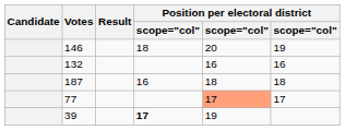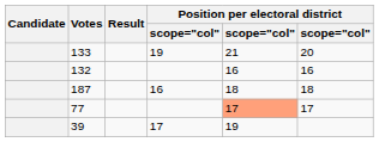 <table class="wikitable sortable defaultright col3left">
 <tr>
 <th scope="col" rowspan="2">Candidate</th>
 <th scope="col" rowspan="2">Votes</th>
 <th scope="col" rowspan="2">Result</th>
 <th scope="col" colspan="3">Position per electoral district</th>
 </tr>
 <tr>
 <th>scope="col" </th>
 <th>scope="col" </th>
 <th>scope="col" </th>
 </tr>
 <tr>
 <th scope="row"></th>
-<td>146</td>
+<td>133</td>
 <td></td>
-<td>18</td>
+<td>19</td>
+<td>21</td>
 <td>20</td>
-<td>19</td>
 </tr>
 <tr>
 <th scope="row"></th>
 <td>132</td>
 <td></td>
 <td></td>
 <td>16</td>
 <td>16</td>
 </tr>
 <tr>
 <th scope="row"></th>
 <td>187</td>
 <td></td>
 <td>16</td>
 <td>18</td>
 <td>18</td>
 </tr>
 <tr>
 <th scope="row"></th>
 <td>77</td>
 <td></td>
 <td></td>
 <td style="background: lightsalmon;">17</td>
 <td>17</td>
 </tr>
 <tr>
 <th scope="row"></th>
 <td>39</td>
 <td></td>
-<td><strong>17</strong></td>
+<td>17</td>
 <td>19</td>
 <td></td>
 </tr>
 </table>
